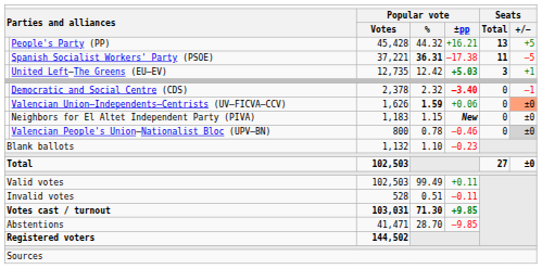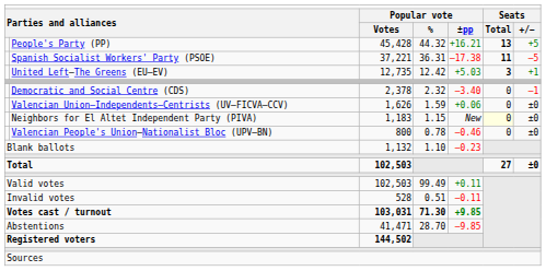 <table class="wikitable" style="text-align:right;">
 <tr>
 <td colspan="7"></td>
 </tr>
 <tr>
 <th style="text-align:left;" rowspan="2" colspan="2" width="525">Parties and alliances</th>
 <th colspan="3">Popular vote</th>
 <th colspan="2">Seats</th>
 </tr>
 <tr>
 <th width="75">Votes</th>
 <th width="45">%</th>
 <th width="45">±<a href='#'>pp</a></th>
 <th width="35">Total</th>
 <th width="35">+/−</th>
 </tr>
 <tr>
 <td width="1" style="color:inherit;background:"></td>
 <td align="left"><a href='#'>People's Party</a> (PP)</td>
 <td>45,428</td>
 <td>44.32</td>
 <td style="color:green;">+16.21</td>
 <td><strong>13</strong></td>
 <td style="color:green;">+5</td>
 </tr>
 <tr>
 <td style="color:inherit;background:"></td>
 <td align="left"><a href='#'>Spanish Socialist Workers' Party</a> (PSOE)</td>
 <td>37,221</td>
-<td><strong>36.31</strong></td>
+<td>36.31</td>
 <td style="color:red;">–17.38</td>
 <td><strong>11</strong></td>
 <td style="color:red;">–5</td>
 </tr>
 <tr>
 <td style="color:inherit;background:"></td>
 <td align="left"><a href='#'>United Left</a>–<a href='#'>The Greens</a> (EU–EV)</td>
 <td>12,735</td>
 <td>12.42</td>
-<td style="color:green;"><strong>+5.03</strong></td>
+<td style="color:green;">+5.03</td>
 <td><strong>3</strong></td>
 <td style="color:green;">+1</td>
 </tr>
 <tr>
 <td colspan="7" bgcolor="#C0C0C0"></td>
 </tr>
 <tr>
 <td style="color:inherit;background:"></td>
 <td align="left"><a href='#'>Democratic and Social Centre</a> (CDS)</td>
 <td>2,378</td>
 <td>2.32</td>
-<td style="color:red;"><strong>–3.40</strong></td>
+<td style="color:red;">–3.40</td>
 <td>0</td>
 <td style="color:red;">–1</td>
 </tr>
 <tr>
 <td style="color:inherit;background:"></td>
 <td align="left"><a href='#'>Valencian Union–Independents–Centrists</a> (UV–FICVA–CCV)</td>
 <td>1,626</td>
-<td><strong>1.59</strong></td>
+<td>1.59</td>
 <td style="color:green;">+0.06</td>
 <td>0</td>
-<td style="background: lightsalmon;">±0</td>
+<td>±0</td>
 </tr>
 <tr>
 <td bgcolor="white"></td>
 <td align="left">Neighbors for El Altet Independent Party (PIVA)</td>
 <td>1,183</td>
 <td>1.15</td>
-<td><strong><em>New</em></strong></td>
-<td>0</td>
+<td><em>New</em></td>
+<td style="background: lightyellow;">0</td>
 <td>±0</td>
 </tr>
 <tr>
 <td style="color:inherit;background:"></td>
 <td align="left"><a href='#'>Valencian People's Union</a>–<a href='#'>Nationalist Bloc</a> (UPV–BN)</td>
 <td>800</td>
 <td>0.78</td>
 <td style="color:red;">–0.46</td>
 <td>0</td>
-<td style="background: lightgrey;">±0</td>
+<td>±0</td>
 </tr>
 <tr>
 <td align="left" colspan="2">Blank ballots</td>
 <td>1,132</td>
 <td>1.10</td>
 <td style="color:red;">–0.23</td>
 <td bgcolor="#E9E9E9" colspan="2"></td>
 </tr>
 <tr>
 <td colspan="7" bgcolor="#E9E9E9"></td>
 </tr>
 <tr style="font-weight:bold;">
 <td align="left" colspan="2">Total</td>
 <td>102,503</td>
 <td bgcolor="#E9E9E9" colspan="2"></td>
 <td>27</td>
 <td>±0</td>
 </tr>
 <tr>
 <td colspan="7" bgcolor="#E9E9E9"></td>
 </tr>
 <tr>
 <td align="left" colspan="2">Valid votes</td>
 <td>102,503</td>
 <td>99.49</td>
 <td style="color:green;">+0.11</td>
 <td bgcolor="#E9E9E9" colspan="2" rowspan="5"></td>
 </tr>
 <tr>
 <td align="left" colspan="2">Invalid votes</td>
 <td>528</td>
 <td>0.51</td>
 <td style="color:red;">–0.11</td>
 </tr>
 <tr style="font-weight:bold;">
 <td align="left" colspan="2">Votes cast / turnout</td>
 <td>103,031</td>
 <td>71.30</td>
 <td style="color:green;">+9.85</td>
 </tr>
 <tr>
 <td align="left" colspan="2">Abstentions</td>
 <td>41,471</td>
 <td>28.70</td>
 <td style="color:red;">–9.85</td>
 </tr>
 <tr style="font-weight:bold;">
 <td align="left" colspan="2">Registered voters</td>
 <td>144,502</td>
 <td bgcolor="#E9E9E9" colspan="2"></td>
 </tr>
 <tr>
 <td colspan="7" bgcolor="#E9E9E9"></td>
 </tr>
 <tr>
 <td align="left" colspan="7">Sources</td>
 </tr>
 </table>
